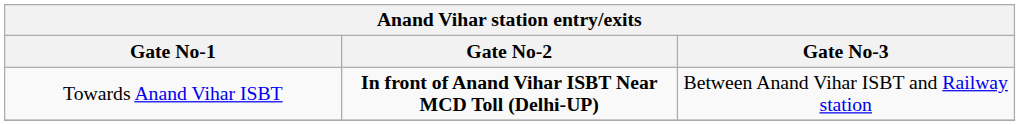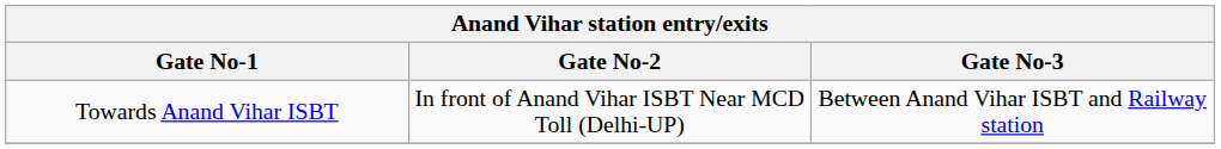 <table class="wikitable" style="text-align: center;" width="65%">
 <tr>
 <th colspan="5" style="background:#"><span>Anand Vihar station entry/exits</span></th>
 </tr>
 <tr>
 <th style="width:15%;">Gate No-1</th>
 <th style="width:15%;">Gate No-2</th>
 <th style="width:15%;">Gate No-3</th>
 </tr>
 <tr>
 <td>Towards <a href='#'>Anand Vihar ISBT</a></td>
-<td><strong>In front of Anand Vihar ISBT Near MCD Toll (Delhi-UP)</strong></td>
+<td>In front of Anand Vihar ISBT Near MCD Toll (Delhi-UP)</td>
 <td>Between Anand Vihar ISBT and <a href='#'>Railway station</a></td>
 </tr>
 <tr>
 </tr>
 </table>
